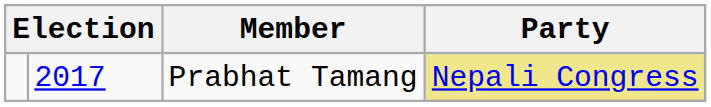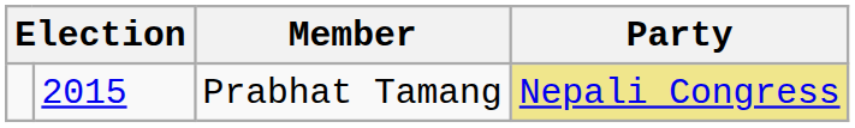 <table class="wikitable">
 <tr>
 <th colspan="2">Election</th>
 <th>Member</th>
 <th>Party</th>
 </tr>
 <tr>
 <td style="background-color:"></td>
-<td><a href='#'>2017</a></td>
+<td><a href='#'>2015</a></td>
 <td>Prabhat Tamang</td>
 <td style="background: khaki;"><a href='#'>Nepali Congress</a></td>
 </tr>
 </table>
